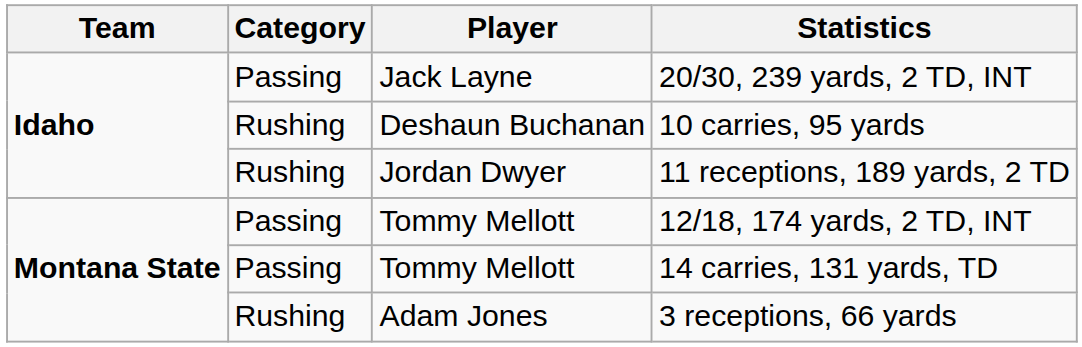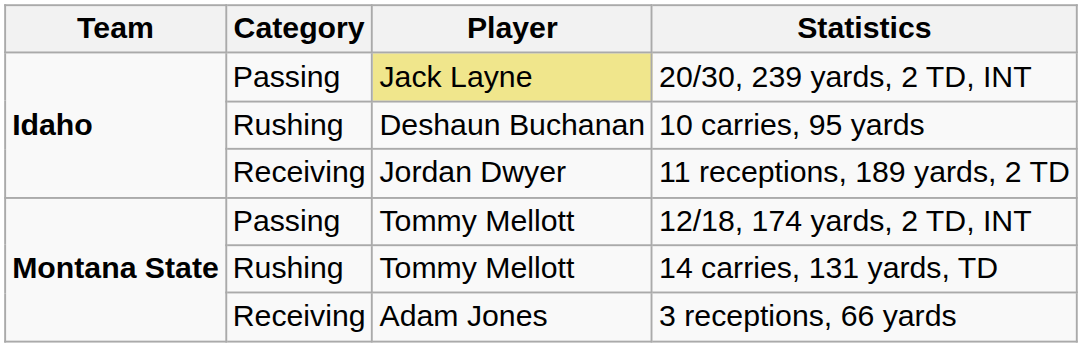 <table class="wikitable" style="float: right;">
 <tr>
 <th>Team</th>
 <th>Category</th>
 <th>Player</th>
 <th>Statistics</th>
 </tr>
 <tr>
 <td rowspan=3><strong>Idaho</strong></td>
 <td>Passing</td>
-<td>Jack Layne</td>
+<td style="background: khaki;">Jack Layne</td>
 <td>20/30, 239 yards, 2 TD, INT</td>
 </tr>
 <tr>
 <td>Rushing</td>
 <td>Deshaun Buchanan</td>
 <td>10 carries, 95 yards</td>
 </tr>
 <tr>
-<td>Rushing</td>
+<td>Receiving</td>
 <td>Jordan Dwyer</td>
 <td>11 receptions, 189 yards, 2 TD</td>
 </tr>
 <tr>
 <td rowspan=3><strong>Montana State</strong></td>
 <td>Passing</td>
 <td>Tommy Mellott</td>
 <td>12/18, 174 yards, 2 TD, INT</td>
 </tr>
 <tr>
-<td>Passing</td>
+<td>Rushing</td>
 <td>Tommy Mellott</td>
 <td>14 carries, 131 yards, TD</td>
 </tr>
 <tr>
-<td>Rushing</td>
+<td>Receiving</td>
 <td>Adam Jones</td>
 <td>3 receptions, 66 yards</td>
 </tr>
 </table>
